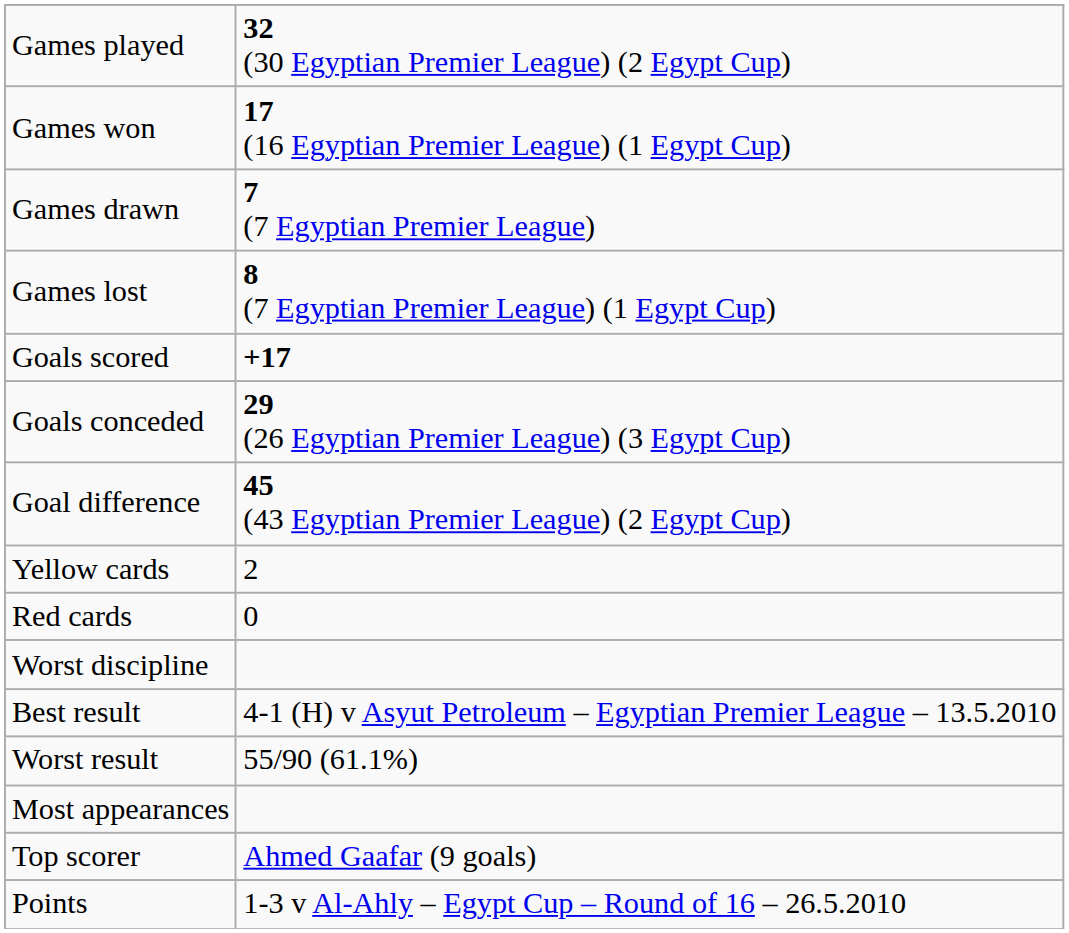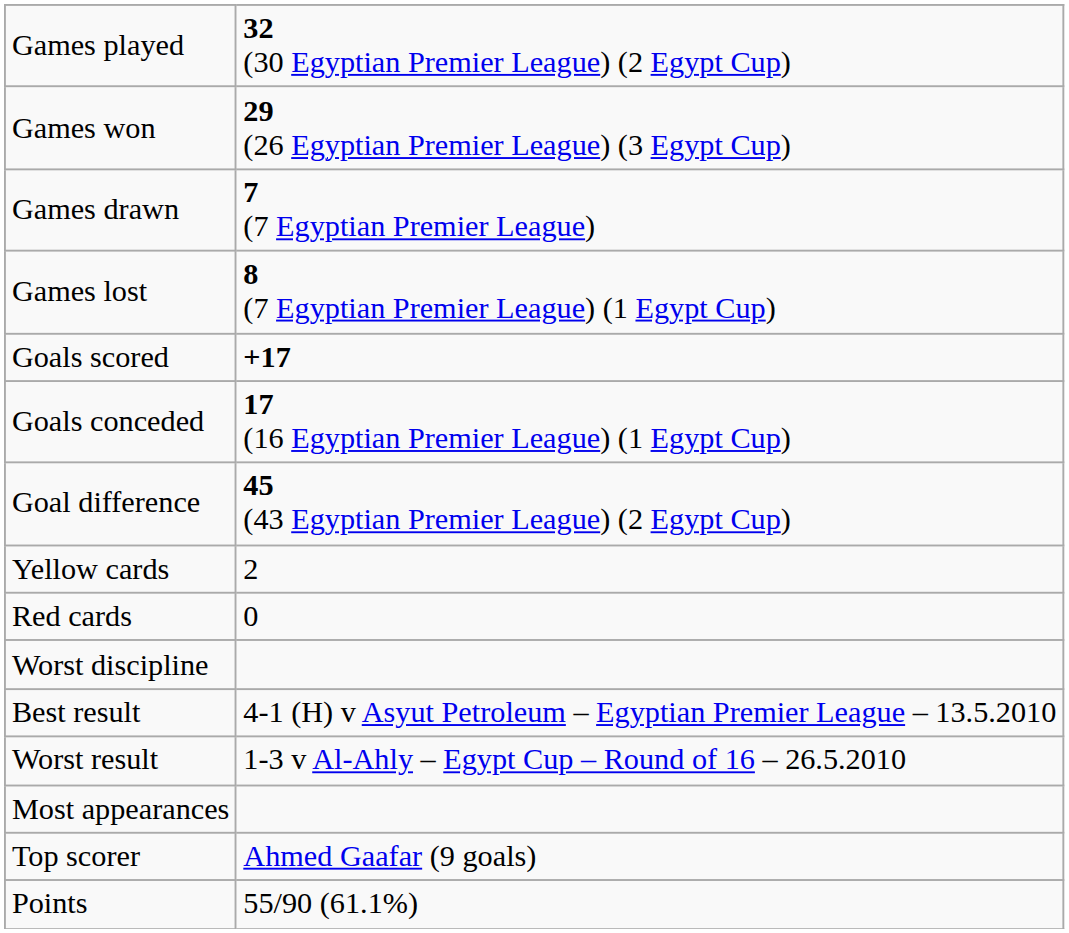 <table class="wikitable">
 <tr>
 <td>Games played</td>
 <td><strong>32</strong><br>(30 <a href='#'>Egyptian Premier League</a>) (2 <a href='#'>Egypt Cup</a>)</td>
 </tr>
 <tr>
 <td>Games won</td>
-<td><strong>17</strong><br>(16 <a href='#'>Egyptian Premier League</a>) (1 <a href='#'>Egypt Cup</a>)</td>
+<td><strong>29</strong><br>(26 <a href='#'>Egyptian Premier League</a>) (3 <a href='#'>Egypt Cup</a>)</td>
 </tr>
 <tr>
 <td>Games drawn</td>
 <td><strong>7</strong><br>(7 <a href='#'>Egyptian Premier League</a>)</td>
 </tr>
 <tr>
 <td>Games lost</td>
 <td><strong>8</strong><br>(7 <a href='#'>Egyptian Premier League</a>) (1 <a href='#'>Egypt Cup</a>)</td>
 </tr>
 <tr>
 <td>Goals scored</td>
 <td><strong>+17</strong></td>
 </tr>
 <tr>
 <td>Goals conceded</td>
-<td><strong>29</strong><br>(26 <a href='#'>Egyptian Premier League</a>) (3 <a href='#'>Egypt Cup</a>)</td>
+<td><strong>17</strong><br>(16 <a href='#'>Egyptian Premier League</a>) (1 <a href='#'>Egypt Cup</a>)</td>
 </tr>
 <tr>
 <td>Goal difference</td>
 <td><strong>45</strong><br>(43 <a href='#'>Egyptian Premier League</a>) (2 <a href='#'>Egypt Cup</a>)</td>
 </tr>
 <tr>
 <td>Yellow cards</td>
 <td>2</td>
 </tr>
 <tr>
 <td>Red cards</td>
 <td>0</td>
 </tr>
 <tr>
 <td>Worst discipline</td>
 <td></td>
 </tr>
 <tr>
 <td>Best result</td>
 <td>4-1 (H) v <a href='#'>Asyut Petroleum</a> – <a href='#'>Egyptian Premier League</a> – 13.5.2010</td>
 </tr>
 <tr>
 <td>Worst result</td>
-<td>55/90 (61.1%)</td>
+<td>1-3  v <a href='#'>Al-Ahly</a> – <a href='#'>Egypt Cup – Round of 16</a> – 26.5.2010</td>
 </tr>
 <tr>
 <td>Most appearances</td>
 <td></td>
 </tr>
 <tr>
 <td>Top scorer</td>
 <td> <a href='#'>Ahmed Gaafar</a> (9 goals)</td>
 </tr>
 <tr>
 <td>Points</td>
-<td>1-3  v <a href='#'>Al-Ahly</a> – <a href='#'>Egypt Cup – Round of 16</a> – 26.5.2010</td>
+<td>55/90 (61.1%)</td>
 </tr>
 </table>
